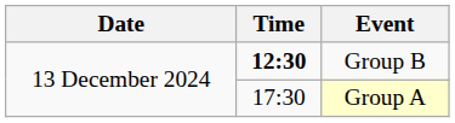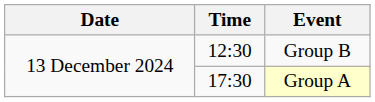 <table class = "wikitable" style="text-align:center;">
 <tr>
 <th width=150>Date</th>
 <th width=50>Time</th>
 <th width=80>Event</th>
 </tr>
 <tr>
 <td rowspan=2>13 December 2024</td>
-<td><strong>12:30</strong></td>
+<td>12:30</td>
 <td>Group B</td>
 </tr>
 <tr>
 <td>17:30</td>
 <td bgcolor="ffffcc">Group A</td>
 </tr>
 </table>
